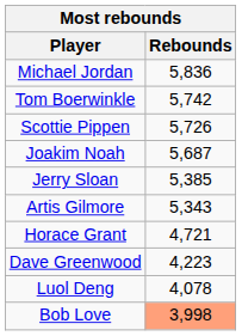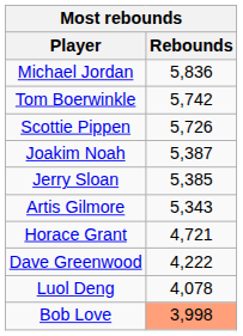 <table class="wikitable sortable" style="text-align:center">
 <tr>
 <th colspan="2" style="text-align:center; ">Most rebounds</th>
 </tr>
 <tr>
 <th style="text-align:center; ">Player</th>
 <th style="text-align:center; ">Rebounds</th>
 </tr>
 <tr>
 <td><a href='#'>Michael Jordan</a></td>
 <td>5,836</td>
 </tr>
 <tr>
 <td><a href='#'>Tom Boerwinkle</a></td>
 <td>5,742</td>
 </tr>
 <tr>
 <td><a href='#'>Scottie Pippen</a></td>
 <td>5,726</td>
 </tr>
 <tr>
 <td><a href='#'>Joakim Noah</a></td>
-<td>5,687</td>
+<td>5,387</td>
 </tr>
 <tr>
 <td><a href='#'>Jerry Sloan</a></td>
 <td>5,385</td>
 </tr>
 <tr>
 <td><a href='#'>Artis Gilmore</a></td>
 <td>5,343</td>
 </tr>
 <tr>
 <td><a href='#'>Horace Grant</a></td>
 <td>4,721</td>
 </tr>
 <tr>
 <td><a href='#'>Dave Greenwood</a></td>
-<td>4,223</td>
+<td>4,222</td>
 </tr>
 <tr>
 <td><a href='#'>Luol Deng</a></td>
 <td>4,078</td>
 </tr>
 <tr>
 <td><a href='#'>Bob Love</a></td>
 <td style="background: lightsalmon;">3,998</td>
 </tr>
 </table>
